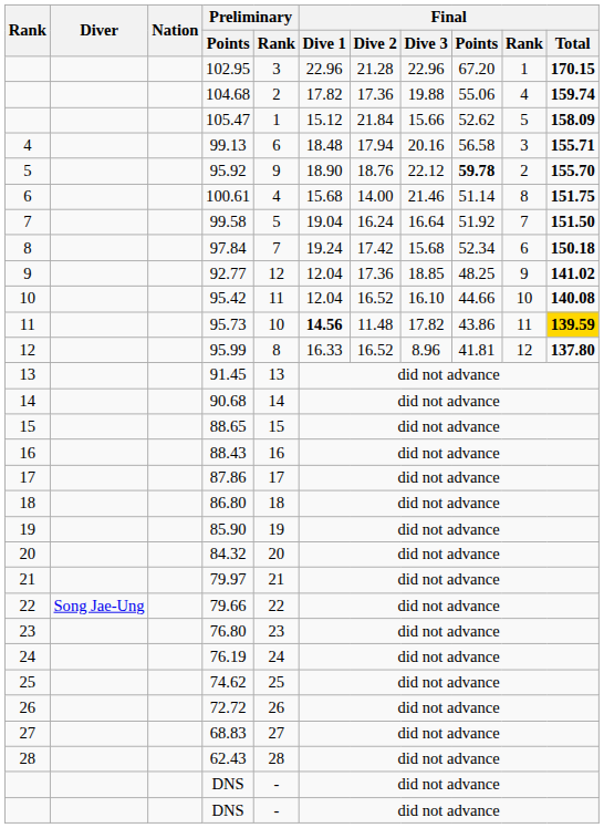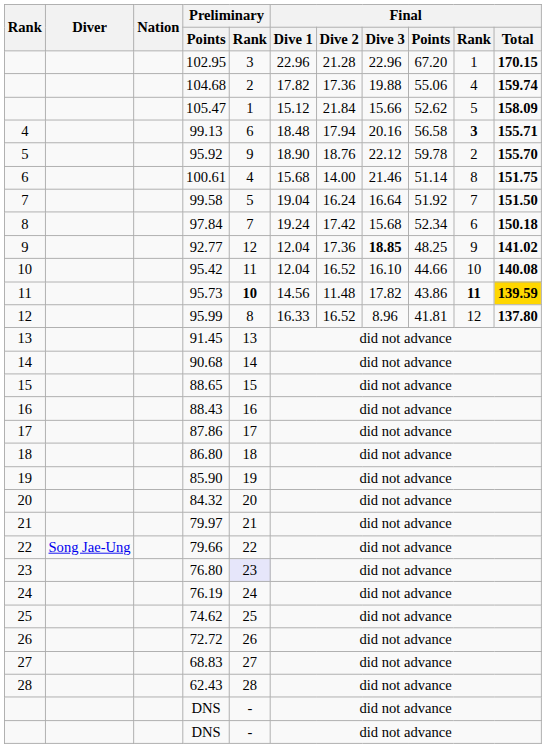 <table class="wikitable sortable" style="text-align:center;">
 <tr>
 <th rowspan=2>Rank</th>
 <th rowspan=2>Diver</th>
 <th rowspan=2>Nation</th>
 <th colspan=2>Preliminary</th>
 <th colspan=6>Final</th>
 </tr>
 <tr>
 <th>Points</th>
 <th>Rank</th>
 <th>Dive 1</th>
 <th>Dive 2</th>
 <th>Dive 3</th>
 <th>Points</th>
 <th>Rank</th>
 <th>Total</th>
 </tr>
 <tr>
 <td></td>
 <td align=left></td>
 <td align=left></td>
 <td>102.95</td>
 <td>3</td>
 <td>22.96</td>
 <td>21.28</td>
 <td>22.96</td>
 <td>67.20</td>
 <td>1</td>
 <td><strong>170.15</strong></td>
 </tr>
 <tr>
 <td></td>
 <td align=left></td>
 <td align=left></td>
 <td>104.68</td>
 <td>2</td>
 <td>17.82</td>
 <td>17.36</td>
 <td>19.88</td>
 <td>55.06</td>
 <td>4</td>
 <td><strong>159.74</strong></td>
 </tr>
 <tr>
 <td></td>
 <td align=left></td>
 <td align=left></td>
 <td>105.47</td>
 <td>1</td>
 <td>15.12</td>
 <td>21.84</td>
 <td>15.66</td>
 <td>52.62</td>
 <td>5</td>
 <td><strong>158.09</strong></td>
 </tr>
 <tr>
 <td>4</td>
 <td align=left></td>
 <td align=left></td>
 <td>99.13</td>
 <td>6</td>
 <td>18.48</td>
 <td>17.94</td>
 <td>20.16</td>
 <td>56.58</td>
-<td>3</td>
+<td><strong>3</strong></td>
 <td><strong>155.71</strong></td>
 </tr>
 <tr>
 <td>5</td>
 <td align=left></td>
 <td align=left></td>
 <td>95.92</td>
 <td>9</td>
 <td>18.90</td>
 <td>18.76</td>
 <td>22.12</td>
-<td><strong>59.78</strong></td>
+<td>59.78</td>
 <td>2</td>
 <td><strong>155.70</strong></td>
 </tr>
 <tr>
 <td>6</td>
 <td align=left></td>
 <td align=left></td>
 <td>100.61</td>
 <td>4</td>
 <td>15.68</td>
 <td>14.00</td>
 <td>21.46</td>
 <td>51.14</td>
 <td>8</td>
 <td><strong>151.75</strong></td>
 </tr>
 <tr>
 <td>7</td>
 <td align=left></td>
 <td align=left></td>
 <td>99.58</td>
 <td>5</td>
 <td>19.04</td>
 <td>16.24</td>
 <td>16.64</td>
 <td>51.92</td>
 <td>7</td>
 <td><strong>151.50</strong></td>
 </tr>
 <tr>
 <td>8</td>
 <td align=left></td>
 <td align=left></td>
 <td>97.84</td>
 <td>7</td>
 <td>19.24</td>
 <td>17.42</td>
 <td>15.68</td>
 <td>52.34</td>
 <td>6</td>
 <td><strong>150.18</strong></td>
 </tr>
 <tr>
 <td>9</td>
 <td align=left></td>
 <td align=left></td>
 <td>92.77</td>
 <td>12</td>
 <td>12.04</td>
 <td>17.36</td>
-<td>18.85</td>
+<td><strong>18.85</strong></td>
 <td>48.25</td>
 <td>9</td>
 <td><strong>141.02</strong></td>
 </tr>
 <tr>
 <td>10</td>
 <td align=left></td>
 <td align=left></td>
 <td>95.42</td>
 <td>11</td>
 <td>12.04</td>
 <td>16.52</td>
 <td>16.10</td>
 <td>44.66</td>
 <td>10</td>
 <td><strong>140.08</strong></td>
 </tr>
 <tr>
 <td>11</td>
 <td align=left></td>
 <td align=left></td>
 <td>95.73</td>
-<td>10</td>
-<td><strong>14.56</strong></td>
+<td><strong>10</strong></td>
+<td>14.56</td>
 <td>11.48</td>
 <td>17.82</td>
 <td>43.86</td>
-<td>11</td>
+<td><strong>11</strong></td>
 <td style="background: gold;"><strong>139.59</strong></td>
 </tr>
 <tr>
 <td>12</td>
 <td align=left></td>
 <td align=left></td>
 <td>95.99</td>
 <td>8</td>
 <td>16.33</td>
 <td>16.52</td>
 <td>8.96</td>
 <td>41.81</td>
 <td>12</td>
 <td><strong>137.80</strong></td>
 </tr>
 <tr>
 <td>13</td>
 <td align=left></td>
 <td align=left></td>
 <td>91.45</td>
 <td>13</td>
 <td colspan=6>did not advance</td>
 </tr>
 <tr>
 <td>14</td>
 <td align=left></td>
 <td align=left></td>
 <td>90.68</td>
 <td>14</td>
 <td colspan=6>did not advance</td>
 </tr>
 <tr>
 <td>15</td>
 <td align=left></td>
 <td align=left></td>
 <td>88.65</td>
 <td>15</td>
 <td colspan=6>did not advance</td>
 </tr>
 <tr>
 <td>16</td>
 <td align=left></td>
 <td align=left></td>
 <td>88.43</td>
 <td>16</td>
 <td colspan=6>did not advance</td>
 </tr>
 <tr>
 <td>17</td>
 <td align=left></td>
 <td align=left></td>
 <td>87.86</td>
 <td>17</td>
 <td colspan=6>did not advance</td>
 </tr>
 <tr>
 <td>18</td>
 <td align=left></td>
 <td align=left></td>
 <td>86.80</td>
 <td>18</td>
 <td colspan=6>did not advance</td>
 </tr>
 <tr>
 <td>19</td>
 <td align=left></td>
 <td align=left></td>
 <td>85.90</td>
 <td>19</td>
 <td colspan=6>did not advance</td>
 </tr>
 <tr>
 <td>20</td>
 <td align=left></td>
 <td align=left></td>
 <td>84.32</td>
 <td>20</td>
 <td colspan=6>did not advance</td>
 </tr>
 <tr>
 <td>21</td>
 <td align=left></td>
 <td align=left></td>
 <td>79.97</td>
 <td>21</td>
 <td colspan=6>did not advance</td>
 </tr>
 <tr>
 <td>22</td>
 <td align=left><a href='#'>Song Jae-Ung</a></td>
 <td align=left></td>
 <td>79.66</td>
 <td>22</td>
 <td colspan=6>did not advance</td>
 </tr>
 <tr>
 <td>23</td>
 <td align=left></td>
 <td align=left></td>
 <td>76.80</td>
-<td>23</td>
+<td style="background: lavender;">23</td>
 <td colspan=6>did not advance</td>
 </tr>
 <tr>
 <td>24</td>
 <td align=left></td>
 <td align=left></td>
 <td>76.19</td>
 <td>24</td>
 <td colspan=6>did not advance</td>
 </tr>
 <tr>
 <td>25</td>
 <td align=left></td>
 <td align=left></td>
 <td>74.62</td>
 <td>25</td>
 <td colspan=6>did not advance</td>
 </tr>
 <tr>
 <td>26</td>
 <td align=left></td>
 <td align=left></td>
 <td>72.72</td>
 <td>26</td>
 <td colspan=6>did not advance</td>
 </tr>
 <tr>
 <td>27</td>
 <td align=left></td>
 <td align=left></td>
 <td>68.83</td>
 <td>27</td>
 <td colspan=6>did not advance</td>
 </tr>
 <tr>
 <td>28</td>
 <td align=left></td>
 <td align=left></td>
 <td>62.43</td>
 <td>28</td>
 <td colspan=6>did not advance</td>
 </tr>
 <tr>
 <td></td>
 <td align=left></td>
 <td align=left></td>
 <td>DNS</td>
 <td>-</td>
 <td colspan=6>did not advance</td>
 </tr>
 <tr>
 <td></td>
 <td align=left></td>
 <td align=left></td>
 <td>DNS</td>
 <td>-</td>
 <td colspan=6>did not advance</td>
 </tr>
 </table>
